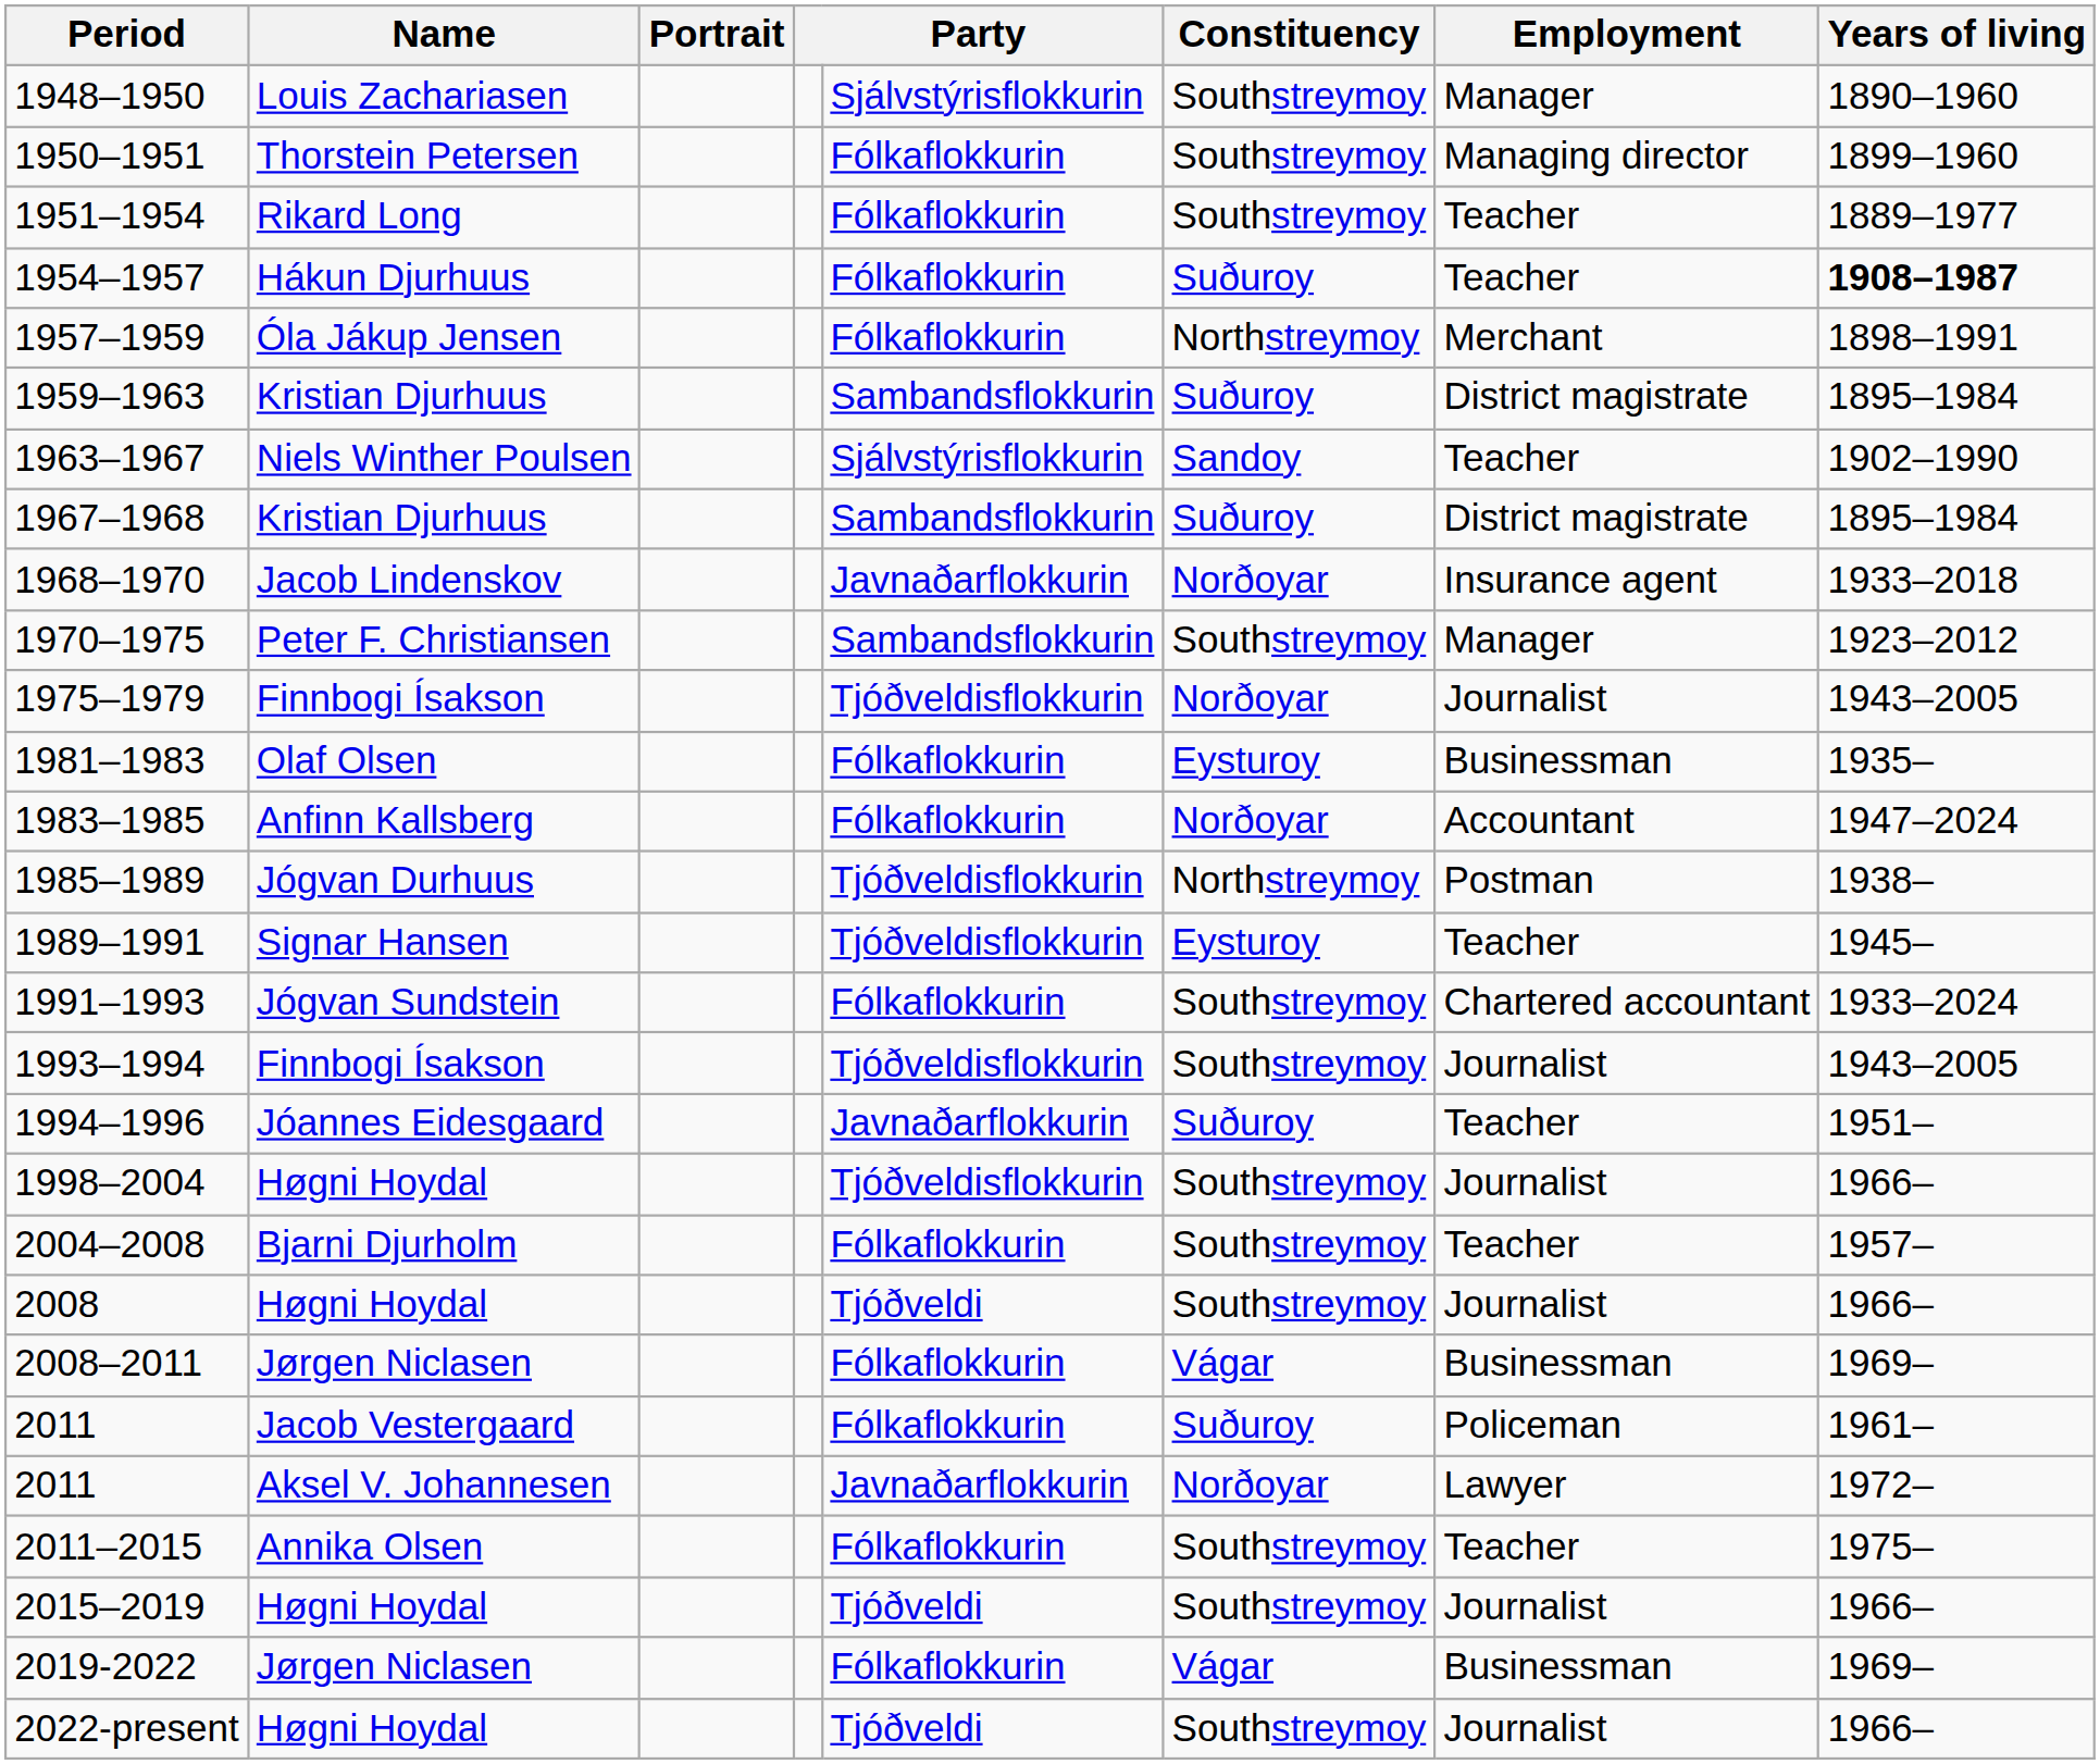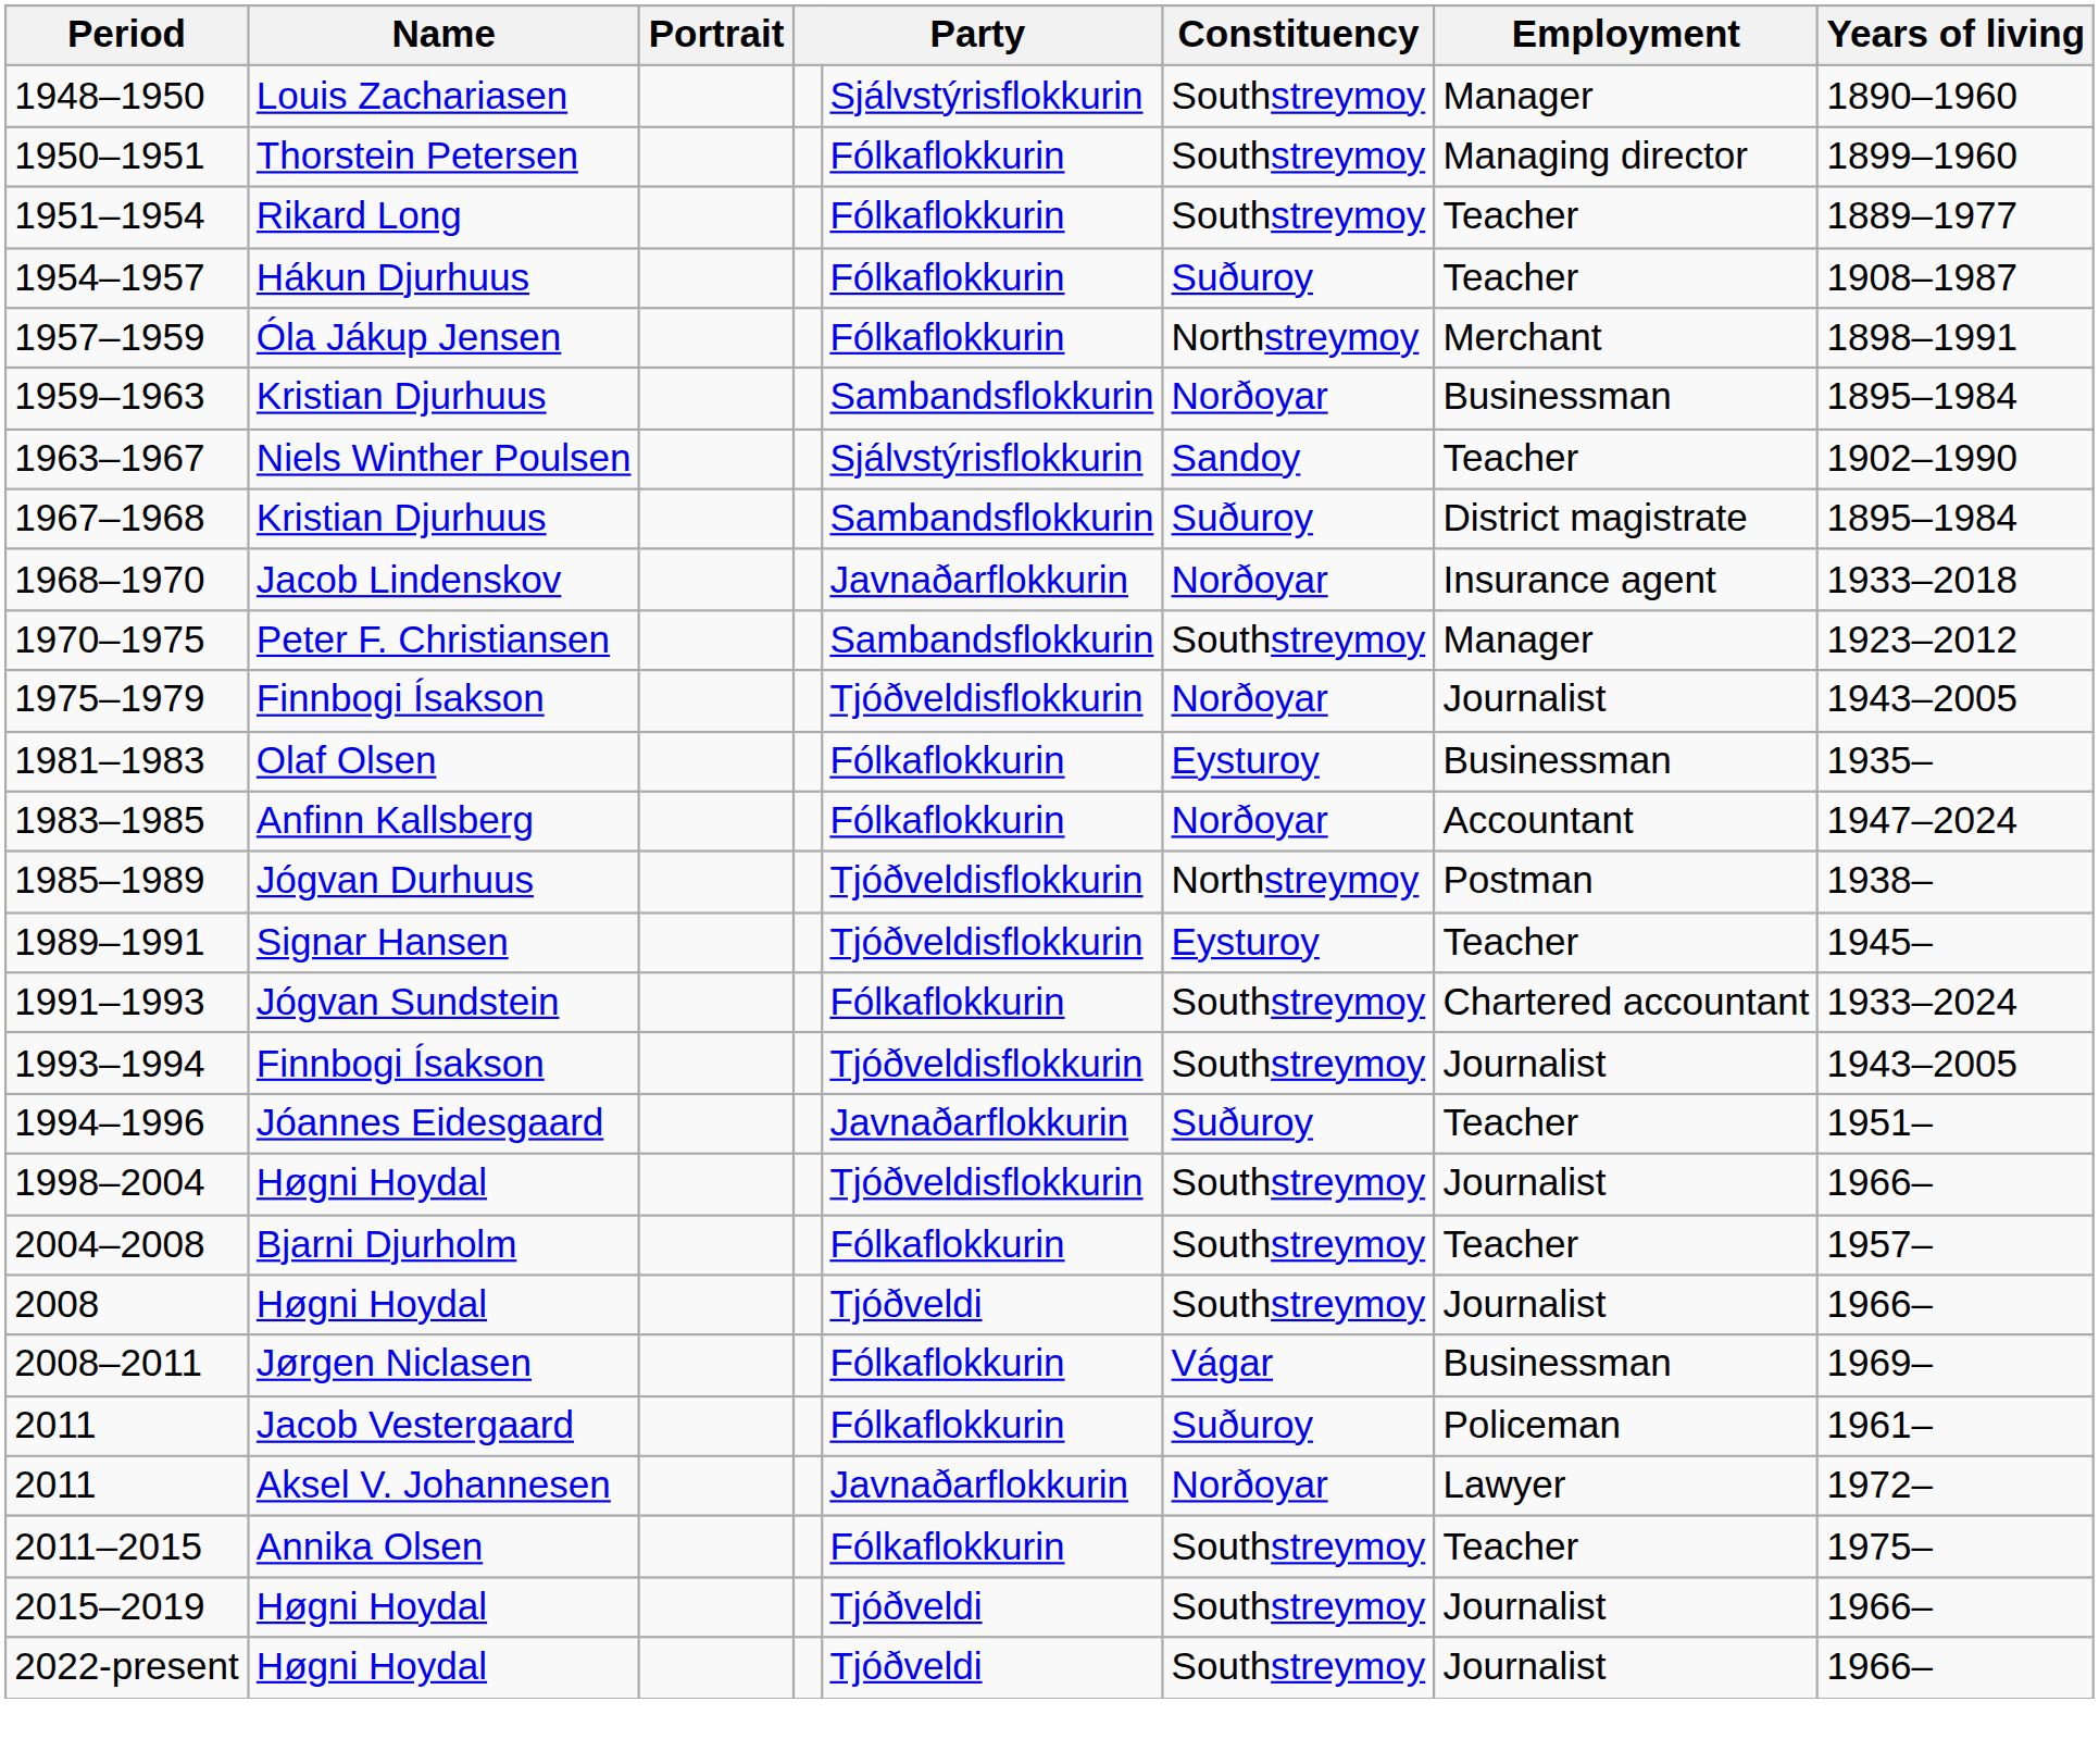 <table class="wikitable sortable">
 <tr>
 <th>Period</th>
 <th>Name</th>
 <th>Portrait</th>
 <th colspan="2">Party</th>
 <th>Constituency</th>
 <th>Employment</th>
 <th>Years of living</th>
 </tr>
 <tr>
 <td>1948–1950</td>
 <td><a href='#'>Louis Zachariasen</a></td>
 <td></td>
 <td style="background:"> </td>
 <td><a href='#'>Sjálvstýrisflokkurin</a></td>
 <td>South<a href='#'>streymoy</a></td>
 <td>Manager</td>
 <td>1890–1960</td>
 </tr>
 <tr>
 <td>1950–1951</td>
 <td><a href='#'>Thorstein Petersen</a></td>
 <td></td>
 <td style="background:"> </td>
 <td><a href='#'>Fólkaflokkurin</a></td>
 <td>South<a href='#'>streymoy</a></td>
 <td>Managing director</td>
 <td>1899–1960</td>
 </tr>
 <tr>
 <td>1951–1954</td>
 <td><a href='#'>Rikard Long</a></td>
 <td></td>
 <td style="background:"> </td>
 <td><a href='#'>Fólkaflokkurin</a></td>
 <td>South<a href='#'>streymoy</a></td>
 <td>Teacher</td>
 <td>1889–1977</td>
 </tr>
 <tr>
 <td>1954–1957</td>
 <td><a href='#'>Hákun Djurhuus</a></td>
 <td></td>
 <td style="background:"> </td>
 <td><a href='#'>Fólkaflokkurin</a></td>
 <td><a href='#'>Suðuroy</a></td>
 <td>Teacher</td>
-<td><strong>1908–1987</strong></td>
+<td>1908–1987</td>
 </tr>
 <tr>
 <td>1957–1959</td>
 <td><a href='#'>Óla Jákup Jensen</a></td>
 <td></td>
 <td style="background:"> </td>
 <td><a href='#'>Fólkaflokkurin</a></td>
 <td>North<a href='#'>streymoy</a></td>
 <td>Merchant</td>
 <td>1898–1991</td>
 </tr>
 <tr>
 <td>1959–1963</td>
 <td><a href='#'>Kristian Djurhuus</a></td>
 <td></td>
 <td style="background:"> </td>
 <td><a href='#'>Sambandsflokkurin</a></td>
-<td><a href='#'>Suðuroy</a></td>
-<td>District magistrate</td>
+<td><a href='#'>Norðoyar</a></td>
+<td>Businessman</td>
 <td>1895–1984</td>
 </tr>
 <tr>
 <td>1963–1967</td>
 <td><a href='#'>Niels Winther Poulsen</a></td>
 <td></td>
 <td style="background:"> </td>
 <td><a href='#'>Sjálvstýrisflokkurin</a></td>
 <td><a href='#'>Sandoy</a></td>
 <td>Teacher</td>
 <td>1902–1990</td>
 </tr>
 <tr>
 <td>1967–1968</td>
 <td><a href='#'>Kristian Djurhuus</a></td>
 <td></td>
 <td style="background:"> </td>
 <td><a href='#'>Sambandsflokkurin</a></td>
 <td><a href='#'>Suðuroy</a></td>
 <td>District magistrate</td>
 <td>1895–1984</td>
 </tr>
 <tr>
 <td>1968–1970</td>
 <td><a href='#'>Jacob Lindenskov</a></td>
 <td></td>
 <td style="background:"> </td>
 <td><a href='#'>Javnaðarflokkurin</a></td>
 <td><a href='#'>Norðoyar</a></td>
 <td>Insurance agent</td>
 <td>1933–2018</td>
 </tr>
 <tr>
 <td>1970–1975</td>
 <td><a href='#'>Peter F. Christiansen</a></td>
 <td></td>
 <td style="background:"> </td>
 <td><a href='#'>Sambandsflokkurin</a></td>
 <td>South<a href='#'>streymoy</a></td>
 <td>Manager</td>
 <td>1923–2012</td>
 </tr>
 <tr>
 <td>1975–1979</td>
 <td><a href='#'>Finnbogi Ísakson</a></td>
 <td></td>
 <td style="background:"> </td>
 <td><a href='#'>Tjóðveldisflokkurin</a></td>
 <td><a href='#'>Norðoyar</a></td>
 <td>Journalist</td>
 <td>1943–2005</td>
 </tr>
 <tr>
 <td>1981–1983</td>
 <td><a href='#'>Olaf Olsen</a></td>
 <td></td>
 <td style="background:"> </td>
 <td><a href='#'>Fólkaflokkurin</a></td>
 <td><a href='#'>Eysturoy</a></td>
 <td>Businessman</td>
 <td>1935–</td>
 </tr>
 <tr>
 <td>1983–1985</td>
 <td><a href='#'>Anfinn Kallsberg</a></td>
 <td></td>
 <td style="background:"> </td>
 <td><a href='#'>Fólkaflokkurin</a></td>
 <td><a href='#'>Norðoyar</a></td>
 <td>Accountant</td>
 <td>1947–2024</td>
 </tr>
 <tr>
 <td>1985–1989</td>
 <td><a href='#'>Jógvan Durhuus</a></td>
 <td></td>
 <td style="background:"> </td>
 <td><a href='#'>Tjóðveldisflokkurin</a></td>
 <td>North<a href='#'>streymoy</a></td>
 <td>Postman</td>
 <td>1938–</td>
 </tr>
 <tr>
 <td>1989–1991</td>
 <td><a href='#'>Signar Hansen</a></td>
 <td></td>
 <td style="background:"> </td>
 <td><a href='#'>Tjóðveldisflokkurin</a></td>
 <td><a href='#'>Eysturoy</a></td>
 <td>Teacher</td>
 <td>1945–</td>
 </tr>
 <tr>
 <td>1991–1993</td>
 <td><a href='#'>Jógvan Sundstein</a></td>
 <td></td>
 <td style="background:"> </td>
 <td><a href='#'>Fólkaflokkurin</a></td>
 <td>South<a href='#'>streymoy</a></td>
 <td>Chartered accountant</td>
 <td>1933–2024</td>
 </tr>
 <tr>
 <td>1993–1994</td>
 <td><a href='#'>Finnbogi Ísakson</a></td>
 <td></td>
 <td style="background:"> </td>
 <td><a href='#'>Tjóðveldisflokkurin</a></td>
 <td>South<a href='#'>streymoy</a></td>
 <td>Journalist</td>
 <td>1943–2005</td>
 </tr>
 <tr>
 <td>1994–1996</td>
 <td><a href='#'>Jóannes Eidesgaard</a></td>
 <td></td>
 <td style="background:"> </td>
 <td><a href='#'>Javnaðarflokkurin</a></td>
 <td><a href='#'>Suðuroy</a></td>
 <td>Teacher</td>
 <td>1951–</td>
 </tr>
 <tr>
 <td>1998–2004</td>
 <td><a href='#'>Høgni Hoydal</a></td>
 <td></td>
 <td style="background:"> </td>
 <td><a href='#'>Tjóðveldisflokkurin</a></td>
 <td>South<a href='#'>streymoy</a></td>
 <td>Journalist</td>
 <td>1966–</td>
 </tr>
 <tr>
 <td>2004–2008</td>
 <td><a href='#'>Bjarni Djurholm</a></td>
 <td></td>
 <td style="background:"> </td>
 <td><a href='#'>Fólkaflokkurin</a></td>
 <td>South<a href='#'>streymoy</a></td>
 <td>Teacher</td>
 <td>1957–</td>
 </tr>
 <tr>
 <td>2008</td>
 <td><a href='#'>Høgni Hoydal</a></td>
 <td></td>
 <td style="background:"> </td>
 <td><a href='#'>Tjóðveldi</a></td>
 <td>South<a href='#'>streymoy</a></td>
 <td>Journalist</td>
 <td>1966–</td>
 </tr>
 <tr>
 <td>2008–2011</td>
 <td><a href='#'>Jørgen Niclasen</a></td>
 <td></td>
 <td style="background:"> </td>
 <td><a href='#'>Fólkaflokkurin</a></td>
 <td><a href='#'>Vágar</a></td>
 <td>Businessman</td>
 <td>1969–</td>
 </tr>
 <tr>
 <td>2011</td>
 <td><a href='#'>Jacob Vestergaard</a></td>
 <td></td>
 <td style="background:"> </td>
 <td><a href='#'>Fólkaflokkurin</a></td>
 <td><a href='#'>Suðuroy</a></td>
 <td>Policeman</td>
 <td>1961–</td>
 </tr>
 <tr>
 <td>2011</td>
 <td><a href='#'>Aksel V. Johannesen</a></td>
 <td></td>
 <td style="background:"> </td>
 <td><a href='#'>Javnaðarflokkurin</a></td>
 <td><a href='#'>Norðoyar</a></td>
 <td>Lawyer</td>
 <td>1972–</td>
 </tr>
 <tr>
 <td>2011–2015</td>
 <td><a href='#'>Annika Olsen</a></td>
 <td></td>
 <td style="background:"> </td>
 <td><a href='#'>Fólkaflokkurin</a></td>
 <td>South<a href='#'>streymoy</a></td>
 <td>Teacher</td>
 <td>1975–</td>
 </tr>
 <tr>
 <td>2015–2019</td>
 <td><a href='#'>Høgni Hoydal</a></td>
 <td></td>
 <td style="background:"> </td>
 <td><a href='#'>Tjóðveldi</a></td>
 <td>South<a href='#'>streymoy</a></td>
 <td>Journalist</td>
 <td>1966–</td>
 </tr>
 <tr>
-<td>2019-2022</td>
-<td><a href='#'>Jørgen Niclasen</a></td>
-<td></td>
-<td style="background:"> </td>
-<td><a href='#'>Fólkaflokkurin</a></td>
-<td><a href='#'>Vágar</a></td>
-<td>Businessman</td>
-<td>1969–</td>
-</tr>
-<tr>
 <td>2022-present</td>
 <td><a href='#'>Høgni Hoydal</a></td>
 <td></td>
 <td style="background:"> </td>
 <td><a href='#'>Tjóðveldi</a></td>
 <td>South<a href='#'>streymoy</a></td>
 <td>Journalist</td>
 <td>1966–</td>
 </tr>
 </table>
